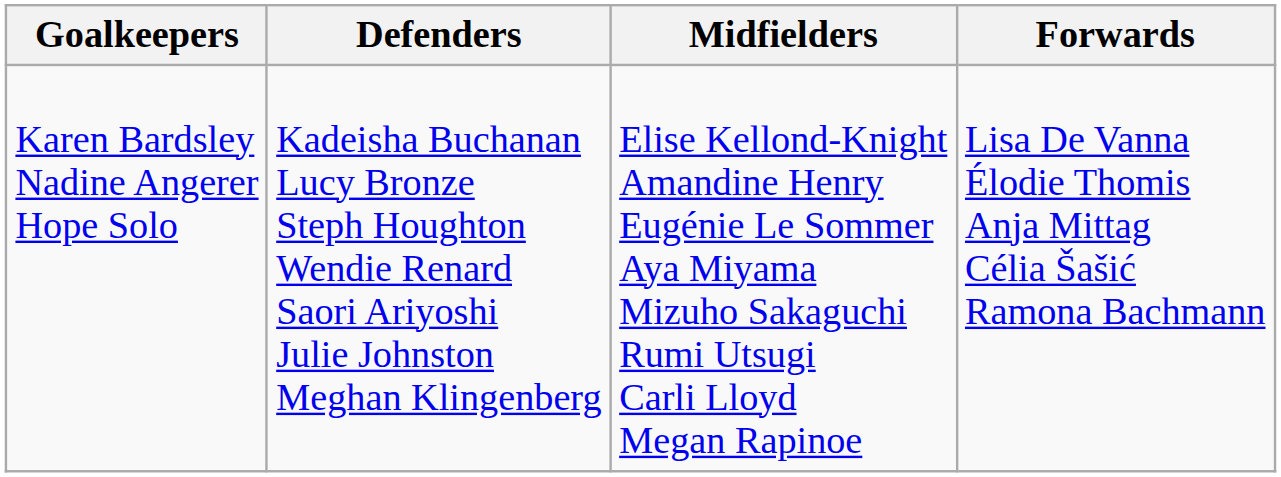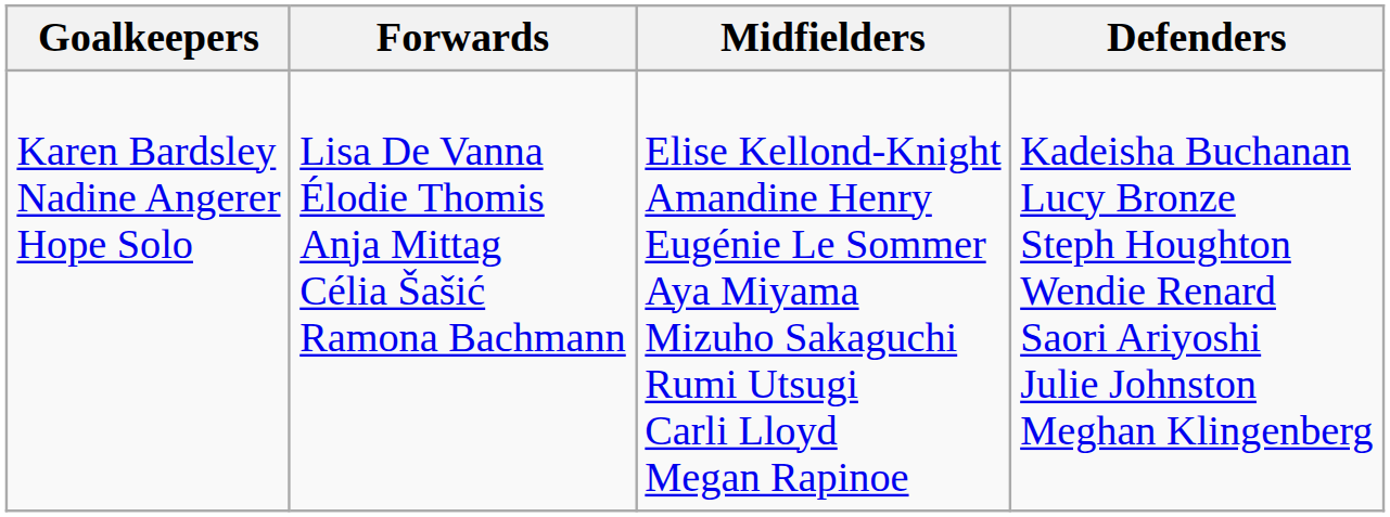 <table class="wikitable" style="margin:0 auto">
 <tr>
 <th>Goalkeepers</th>
+<th>Forwards</th>
+<th>Midfielders</th>
 <th>Defenders</th>
-<th>Midfielders</th>
-<th>Forwards</th>
 </tr>
 <tr>
 <td align=left valign=top><br> <a href='#'>Karen Bardsley</a> <br>  <a href='#'>Nadine Angerer</a> <br>  <a href='#'>Hope Solo</a></td>
+<td align=left valign=top><br> <a href='#'>Lisa De Vanna</a> <br>  <a href='#'>Élodie Thomis</a> <br>  <a href='#'>Anja Mittag</a> <br>  <a href='#'>Célia Šašić</a> <br>  <a href='#'>Ramona Bachmann</a> <br></td>
+<td align=left valign=top><br> <a href='#'>Elise Kellond-Knight</a> <br>  <a href='#'>Amandine Henry</a> <br>  <a href='#'>Eugénie Le Sommer</a> <br>  <a href='#'>Aya Miyama</a> <br>  <a href='#'>Mizuho Sakaguchi</a> <br>  <a href='#'>Rumi Utsugi</a> <br>  <a href='#'>Carli Lloyd</a> <br>  <a href='#'>Megan Rapinoe</a></td>
 <td align=left valign=top><br> <a href='#'>Kadeisha Buchanan</a> <br>  <a href='#'>Lucy Bronze</a> <br>  <a href='#'>Steph Houghton</a> <br>  <a href='#'>Wendie Renard</a> <br>  <a href='#'>Saori Ariyoshi</a> <br>  <a href='#'>Julie Johnston</a> <br>  <a href='#'>Meghan Klingenberg</a></td>
-<td align=left valign=top><br> <a href='#'>Elise Kellond-Knight</a> <br>  <a href='#'>Amandine Henry</a> <br>  <a href='#'>Eugénie Le Sommer</a> <br>  <a href='#'>Aya Miyama</a> <br>  <a href='#'>Mizuho Sakaguchi</a> <br>  <a href='#'>Rumi Utsugi</a> <br>  <a href='#'>Carli Lloyd</a> <br>  <a href='#'>Megan Rapinoe</a></td>
-<td align=left valign=top><br> <a href='#'>Lisa De Vanna</a> <br>  <a href='#'>Élodie Thomis</a> <br>  <a href='#'>Anja Mittag</a> <br>  <a href='#'>Célia Šašić</a> <br>  <a href='#'>Ramona Bachmann</a> <br></td>
 </tr>
 </table>
